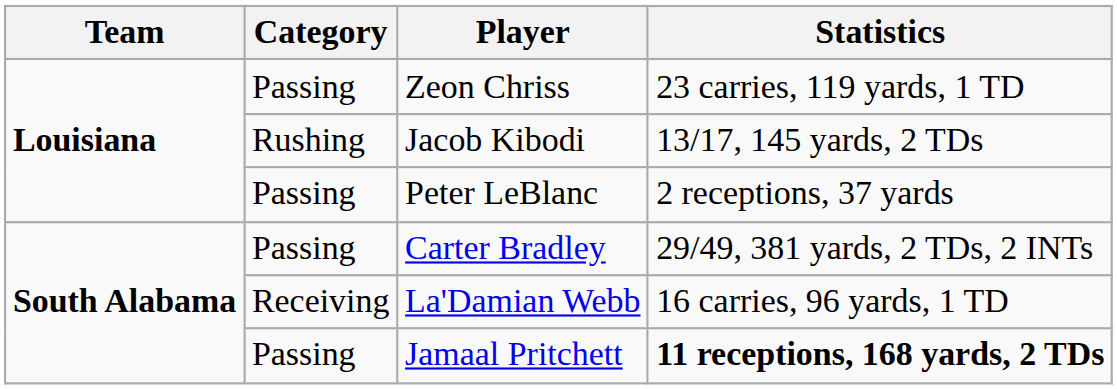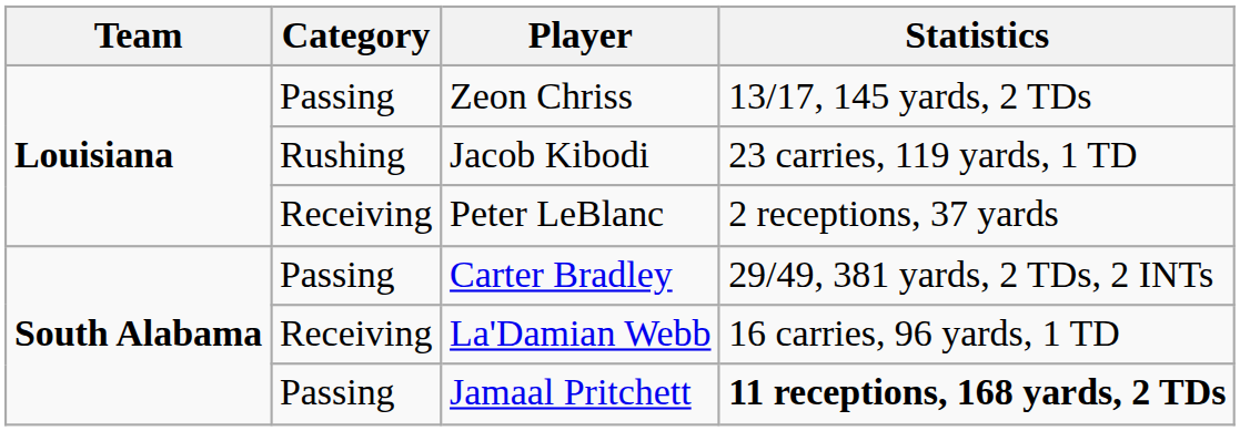 <table class="wikitable" style="float: left;">
 <tr>
 <th>Team</th>
 <th>Category</th>
 <th>Player</th>
 <th>Statistics</th>
 </tr>
 <tr>
 <td rowspan=3><strong>Louisiana</strong></td>
 <td>Passing</td>
 <td>Zeon Chriss</td>
-<td>23 carries, 119 yards, 1 TD</td>
+<td>13/17, 145 yards, 2 TDs</td>
 </tr>
 <tr>
 <td>Rushing</td>
 <td>Jacob Kibodi</td>
-<td>13/17, 145 yards, 2 TDs</td>
+<td>23 carries, 119 yards, 1 TD</td>
 </tr>
 <tr>
-<td>Passing</td>
+<td>Receiving</td>
 <td>Peter LeBlanc</td>
 <td>2 receptions, 37 yards</td>
 </tr>
 <tr>
 <td rowspan=3><strong>South Alabama</strong></td>
 <td>Passing</td>
 <td><a href='#'>Carter Bradley</a></td>
 <td>29/49, 381 yards, 2 TDs, 2 INTs</td>
 </tr>
 <tr>
 <td>Receiving</td>
 <td><a href='#'>La'Damian Webb</a></td>
 <td>16 carries, 96 yards, 1 TD</td>
 </tr>
 <tr>
 <td>Passing</td>
 <td><a href='#'>Jamaal Pritchett</a></td>
 <td><strong>11 receptions, 168 yards, 2 TDs</strong></td>
 </tr>
 </table>
